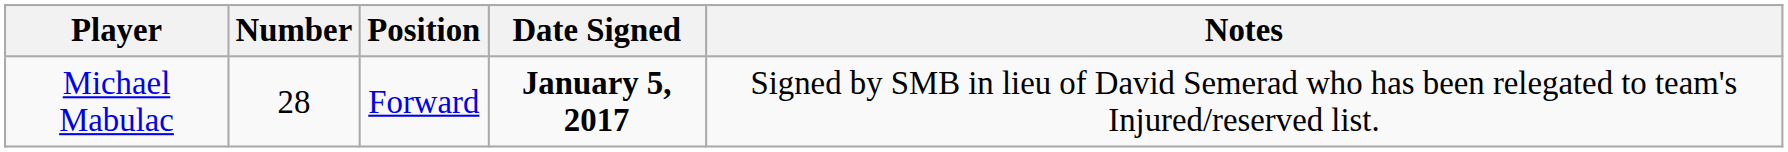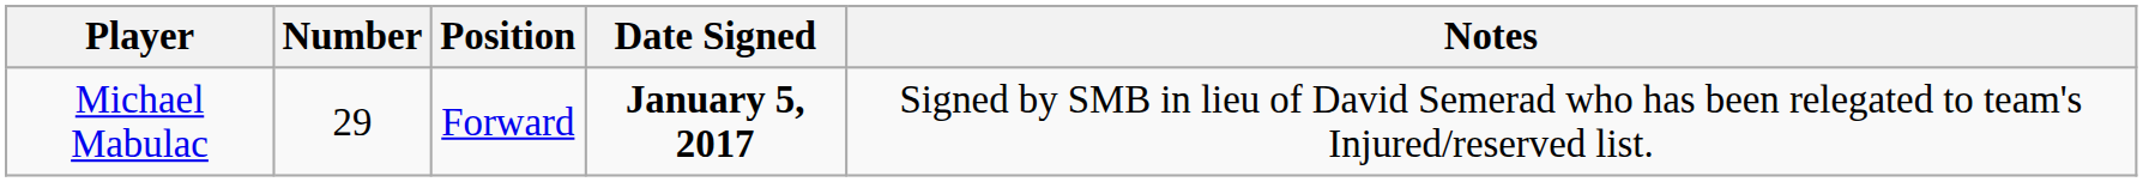 <table class="wikitable sortable sortable">
 <tr>
 <th>Player</th>
 <th>Number</th>
 <th>Position</th>
 <th>Date Signed</th>
 <th>Notes</th>
 </tr>
 <tr style="text-align: center">
 <td><a href='#'>Michael Mabulac</a></td>
-<td>28</td>
+<td>29</td>
 <td><a href='#'>Forward</a></td>
 <td><strong>January 5, 2017</strong></td>
 <td>Signed by SMB in lieu of David Semerad who has been relegated to team's Injured/reserved list.</td>
 </tr>
 </table>
